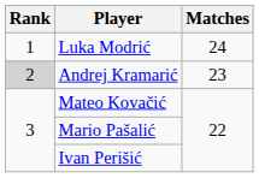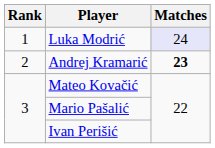 <table class="wikitable" style="text-align: left;">
 <tr>
 <th>Rank</th>
 <th>Player</th>
 <th>Matches</th>
 </tr>
 <tr>
 <td align=center>1</td>
 <td><a href='#'>Luka Modrić</a></td>
-<td align="center">24</td>
+<td align="center" style="background: lavender;">24</td>
 </tr>
 <tr>
-<td align=center style="background: lightgrey;">2</td>
+<td align=center>2</td>
 <td><a href='#'>Andrej Kramarić</a></td>
-<td align="center">23</td>
+<td align="center"><strong>23</strong></td>
 </tr>
 <tr>
 <td rowspan="3" align=center>3</td>
 <td><a href='#'>Mateo Kovačić</a></td>
 <td rowspan="3" align="center">22</td>
 </tr>
 <tr>
 <td><a href='#'>Mario Pašalić</a></td>
 </tr>
 <tr>
 <td><a href='#'>Ivan Perišić</a></td>
 </tr>
 </table>
